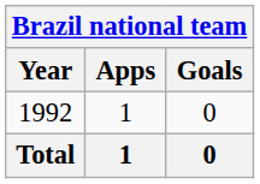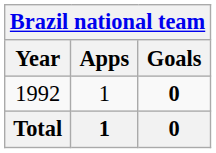 <table class="wikitable" style="text-align:center">
 <tr>
 <th colspan=3><a href='#'>Brazil national team</a></th>
 </tr>
 <tr>
 <th>Year</th>
 <th>Apps</th>
 <th>Goals</th>
 </tr>
 <tr>
 <td>1992</td>
 <td>1</td>
-<td>0</td>
+<td><strong>0</strong></td>
 </tr>
 <tr>
 <th>Total</th>
 <th>1</th>
 <th>0</th>
 </tr>
 </table>
